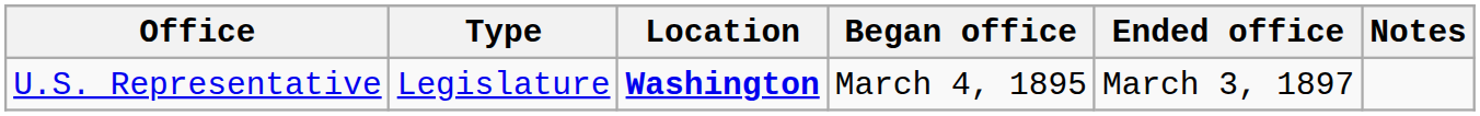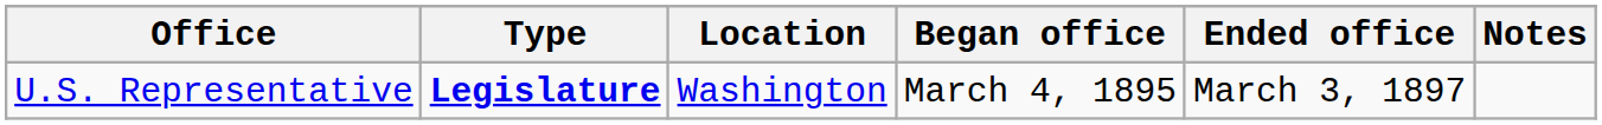 <table class="wikitable" style="text-align: center;">
 <tr>
 </tr>
 <tr>
 <th>Office</th>
 <th>Type</th>
 <th>Location</th>
 <th>Began office</th>
 <th>Ended office</th>
 <th>Notes</th>
 </tr>
 <tr>
 <td><a href='#'>U.S. Representative</a></td>
-<td><a href='#'>Legislature</a></td>
-<td><strong><a href='#'>Washington</a></strong></td>
+<td><strong><a href='#'>Legislature</a></strong></td>
+<td><a href='#'>Washington</a></td>
 <td>March 4, 1895</td>
 <td>March 3, 1897</td>
 <td></td>
 </tr>
 </table>
